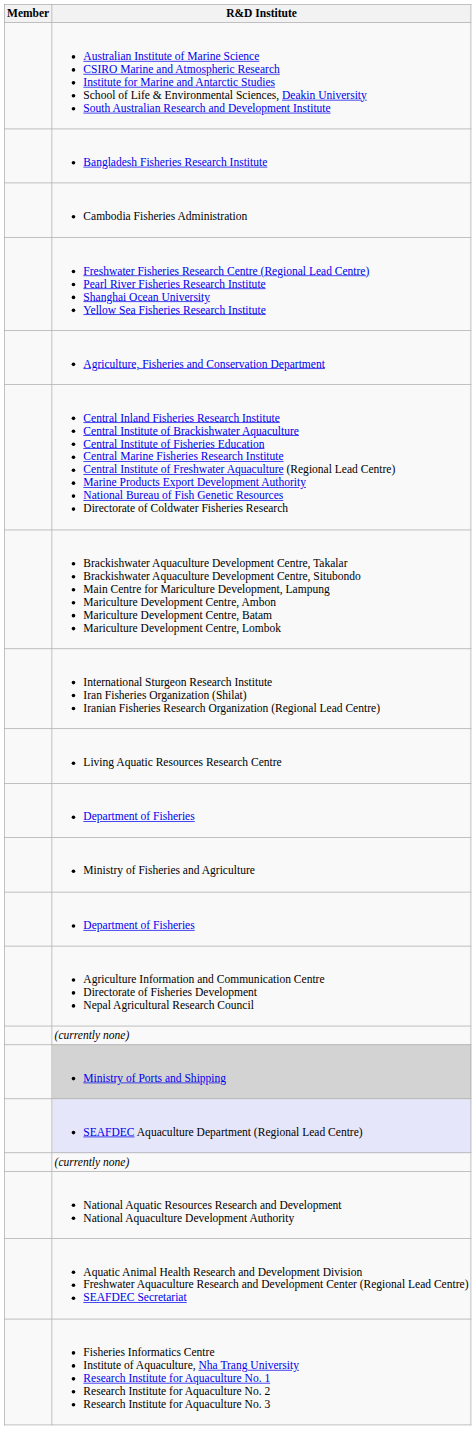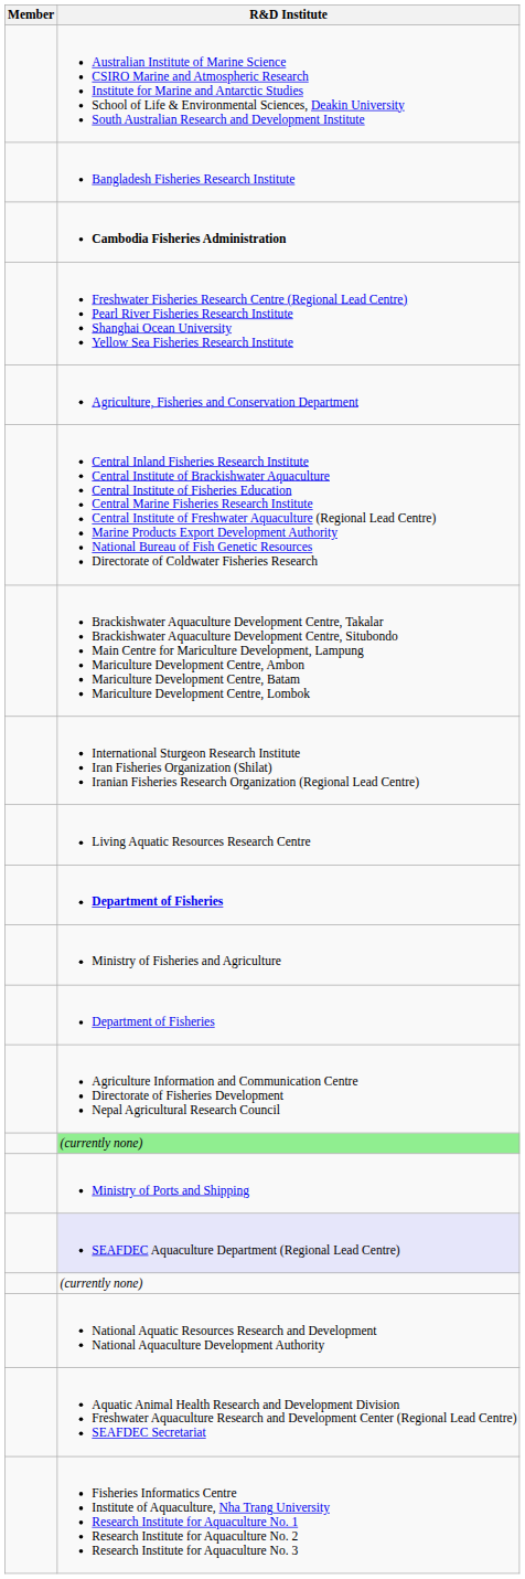 <table class="wikitable">
 <tr>
 <th>Member</th>
 <th>R&D Institute</th>
 </tr>
 <tr>
 <td></td>
 <td><br><ul><li><a href='#'>Australian Institute of Marine Science</a></li><li><a href='#'>CSIRO Marine and Atmospheric Research</a></li><li><a href='#'>Institute for Marine and Antarctic Studies</a></li><li>School of Life & Environmental Sciences, <a href='#'>Deakin University</a></li><li><a href='#'>South Australian Research and Development Institute</a></li></ul></td>
 </tr>
 <tr>
 <td></td>
 <td><br><ul><li><a href='#'>Bangladesh Fisheries Research Institute</a></li></ul></td>
 </tr>
 <tr>
 <td></td>
-<td><br><ul><li>Cambodia Fisheries Administration</li></ul></td>
+<td><strong><br><ul><li>Cambodia Fisheries Administration</li></ul></strong></td>
 </tr>
 <tr>
 <td></td>
 <td><br><ul><li><a href='#'>Freshwater Fisheries Research Centre (Regional Lead Centre)</a></li><li><a href='#'>Pearl River Fisheries Research Institute</a></li><li><a href='#'>Shanghai Ocean University</a></li><li><a href='#'>Yellow Sea Fisheries Research Institute</a></li></ul></td>
 </tr>
 <tr>
 <td></td>
 <td><br><ul><li><a href='#'>Agriculture, Fisheries and Conservation Department</a></li></ul></td>
 </tr>
 <tr>
 <td></td>
 <td><br><ul><li><a href='#'>Central Inland Fisheries Research Institute</a></li><li><a href='#'>Central Institute of Brackishwater Aquaculture</a></li><li><a href='#'>Central Institute of Fisheries Education</a></li><li><a href='#'>Central Marine Fisheries Research Institute</a></li><li><a href='#'>Central Institute of Freshwater Aquaculture</a> (Regional Lead Centre)</li><li><a href='#'>Marine Products Export Development Authority</a></li><li><a href='#'>National Bureau of Fish Genetic Resources</a></li><li>Directorate of Coldwater Fisheries Research</li></ul></td>
 </tr>
 <tr>
 <td></td>
 <td><br><ul><li>Brackishwater Aquaculture Development Centre, Takalar</li><li>Brackishwater Aquaculture Development Centre, Situbondo</li><li>Main Centre for Mariculture Development, Lampung</li><li>Mariculture Development Centre, Ambon</li><li>Mariculture Development Centre, Batam</li><li>Mariculture Development Centre, Lombok</li></ul></td>
 </tr>
 <tr>
 <td></td>
 <td><br><ul><li>International Sturgeon Research Institute</li><li>Iran Fisheries Organization (Shilat)</li><li>Iranian Fisheries Research Organization (Regional Lead Centre)</li></ul></td>
 </tr>
 <tr>
 <td></td>
 <td><br><ul><li>Living Aquatic Resources Research Centre</li></ul></td>
 </tr>
 <tr>
 <td></td>
-<td><br><ul><li><a href='#'>Department of Fisheries</a></li></ul></td>
+<td><strong><br><ul><li><a href='#'>Department of Fisheries</a></li></ul></strong></td>
 </tr>
 <tr>
 <td></td>
 <td><br><ul><li>Ministry of Fisheries and Agriculture</li></ul></td>
 </tr>
 <tr>
 <td></td>
 <td><br><ul><li><a href='#'>Department of Fisheries</a></li></ul></td>
 </tr>
 <tr>
 <td></td>
 <td><br><ul><li>Agriculture Information and Communication Centre</li><li>Directorate of Fisheries Development</li><li>Nepal Agricultural Research Council</li></ul></td>
 </tr>
 <tr>
 <td></td>
-<td><em>(currently none)</em></td>
+<td style="background: lightgreen;"><em>(currently none)</em></td>
 </tr>
 <tr>
 <td></td>
-<td style="background: lightgrey;"><br><ul><li><a href='#'>Ministry of Ports and Shipping</a></li></ul></td>
+<td><br><ul><li><a href='#'>Ministry of Ports and Shipping</a></li></ul></td>
 </tr>
 <tr>
 <td></td>
 <td style="background: lavender;"><br><ul><li><a href='#'>SEAFDEC</a> Aquaculture Department (Regional Lead Centre)</li></ul></td>
 </tr>
 <tr>
 <td></td>
 <td><em>(currently none)</em></td>
 </tr>
 <tr>
 <td></td>
 <td><br><ul><li>National Aquatic Resources Research and Development</li><li>National Aquaculture Development Authority</li></ul></td>
 </tr>
 <tr>
 <td></td>
 <td><br><ul><li>Aquatic Animal Health Research and Development Division</li><li>Freshwater Aquaculture Research and Development Center (Regional Lead Centre)</li><li><a href='#'>SEAFDEC Secretariat</a></li></ul></td>
 </tr>
 <tr>
 <td></td>
 <td><br><ul><li>Fisheries Informatics Centre</li><li>Institute of Aquaculture, <a href='#'>Nha Trang University</a></li><li><a href='#'>Research Institute for Aquaculture No. 1</a></li><li>Research Institute for Aquaculture No. 2</li><li>Research Institute for Aquaculture No. 3</li></ul></td>
 </tr>
 </table>
